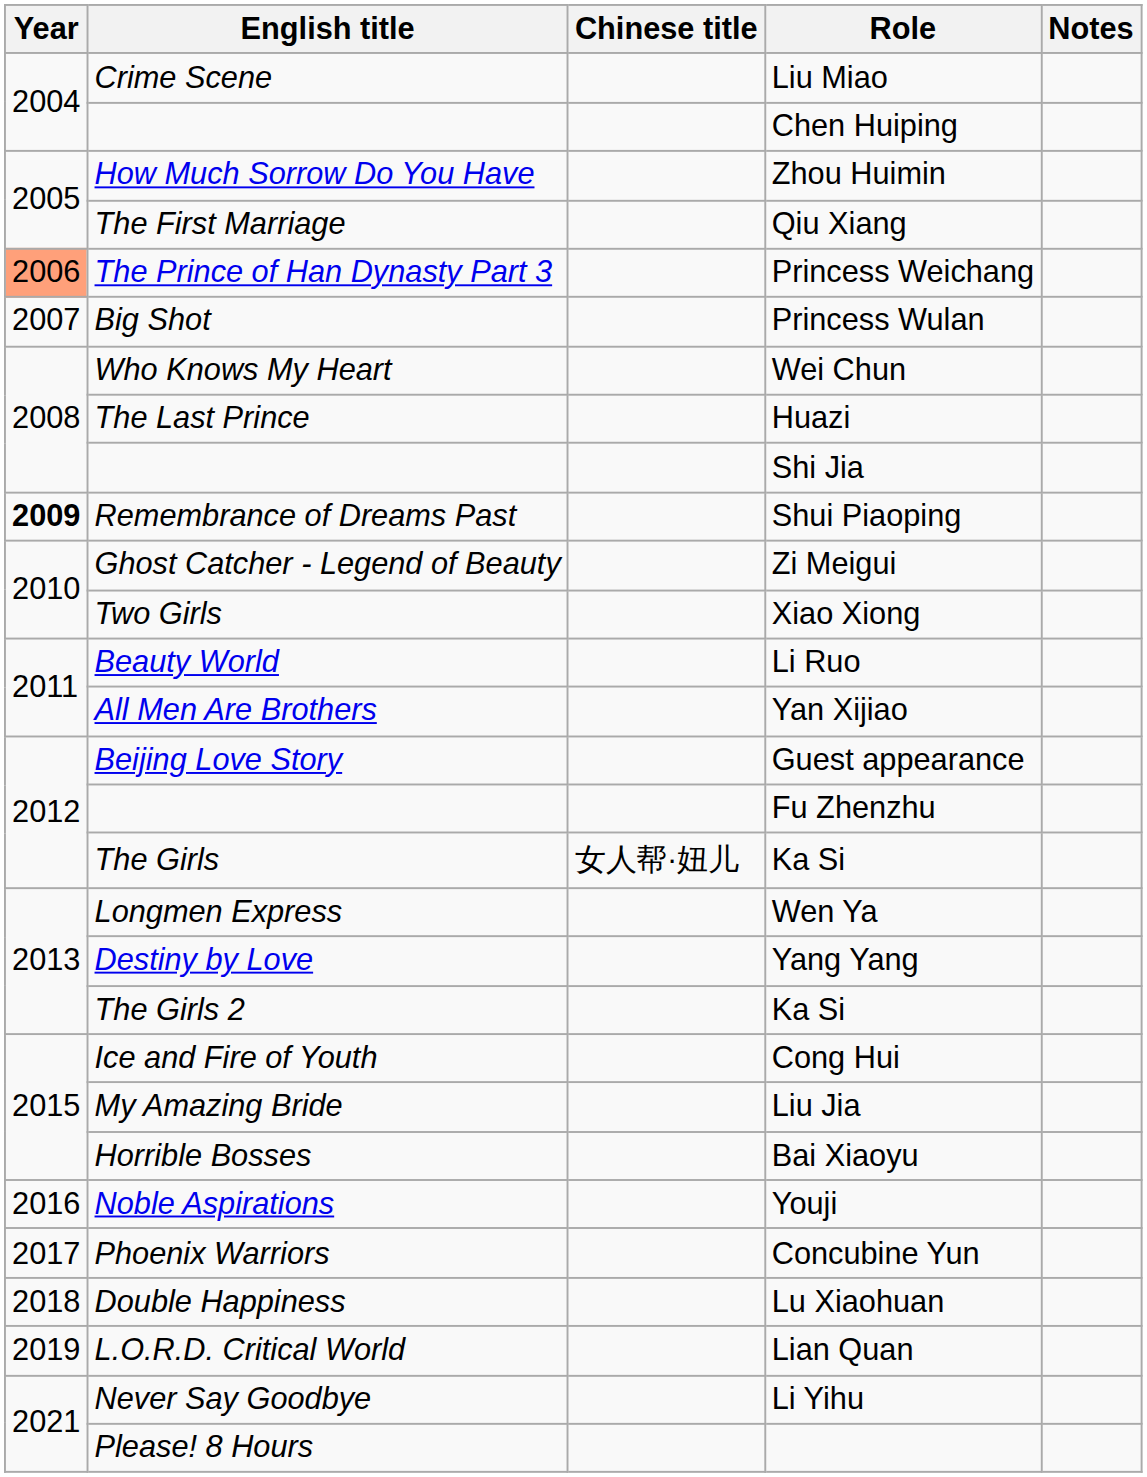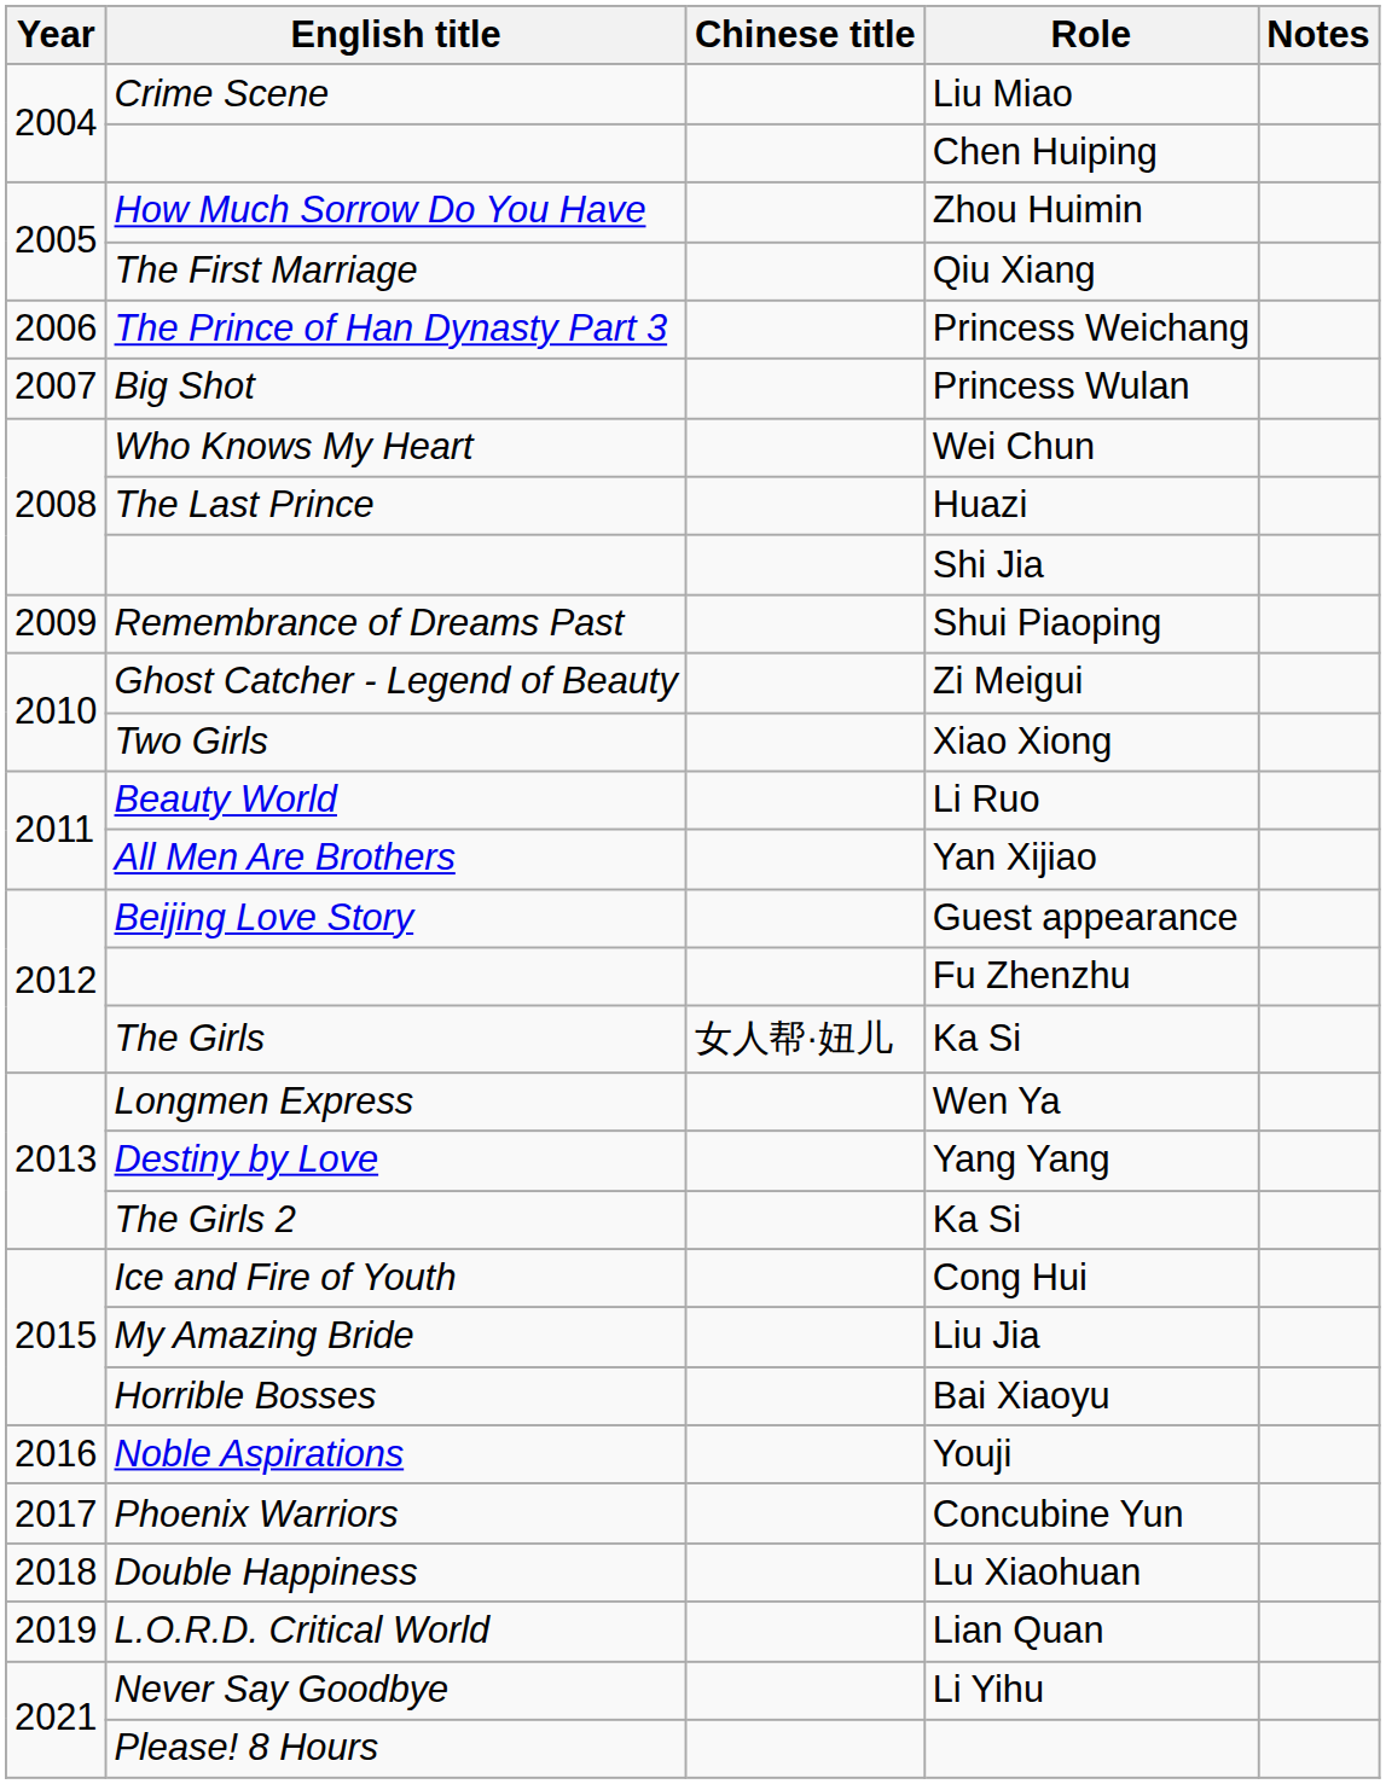 <table class="wikitable">
 <tr>
 <th>Year</th>
 <th>English title</th>
 <th>Chinese title</th>
 <th>Role</th>
 <th>Notes</th>
 </tr>
 <tr>
 <td rowspan="2">2004</td>
 <td><em>Crime Scene</em></td>
 <td></td>
 <td>Liu Miao</td>
 <td></td>
 </tr>
 <tr>
 <td></td>
 <td></td>
 <td>Chen Huiping</td>
 <td></td>
 </tr>
 <tr>
 <td rowspan="2">2005</td>
 <td><em><a href='#'>How Much Sorrow Do You Have</a></em></td>
 <td></td>
 <td>Zhou Huimin</td>
 <td></td>
 </tr>
 <tr>
 <td><em>The First Marriage</em></td>
 <td></td>
 <td>Qiu Xiang</td>
 <td></td>
 </tr>
 <tr>
-<td style="background: lightsalmon;">2006</td>
+<td>2006</td>
 <td><em><a href='#'>The Prince of Han Dynasty Part 3</a></em></td>
 <td></td>
 <td>Princess Weichang</td>
 <td></td>
 </tr>
 <tr>
 <td>2007</td>
 <td><em>Big Shot</em></td>
 <td></td>
 <td>Princess Wulan</td>
 <td></td>
 </tr>
 <tr>
 <td rowspan="3">2008</td>
 <td><em>Who Knows My Heart </em></td>
 <td></td>
 <td>Wei Chun</td>
 <td></td>
 </tr>
 <tr>
 <td><em>The Last Prince</em></td>
 <td></td>
 <td>Huazi</td>
 <td></td>
 </tr>
 <tr>
 <td></td>
 <td></td>
 <td>Shi Jia</td>
 <td></td>
 </tr>
 <tr>
-<td><strong>2009</strong></td>
+<td>2009</td>
 <td><em>Remembrance of Dreams Past</em></td>
 <td></td>
 <td>Shui Piaoping</td>
 <td></td>
 </tr>
 <tr>
 <td rowspan="2">2010</td>
 <td><em>Ghost Catcher - Legend of Beauty</em></td>
 <td></td>
 <td>Zi Meigui</td>
 <td></td>
 </tr>
 <tr>
 <td><em>Two Girls</em></td>
 <td></td>
 <td>Xiao Xiong</td>
 <td></td>
 </tr>
 <tr>
 <td rowspan="2">2011</td>
 <td><em><a href='#'>Beauty World</a></em></td>
 <td></td>
 <td>Li Ruo</td>
 <td></td>
 </tr>
 <tr>
 <td><em><a href='#'>All Men Are Brothers</a></em></td>
 <td></td>
 <td>Yan Xijiao</td>
 <td></td>
 </tr>
 <tr>
 <td rowspan="3">2012</td>
 <td><em><a href='#'>Beijing Love Story</a></em></td>
 <td></td>
 <td>Guest appearance</td>
 <td></td>
 </tr>
 <tr>
 <td></td>
 <td></td>
 <td>Fu Zhenzhu</td>
 <td></td>
 </tr>
 <tr>
 <td><em>The Girls</em></td>
 <td>女人帮·妞儿</td>
 <td>Ka Si</td>
 <td></td>
 </tr>
 <tr>
 <td rowspan="3">2013</td>
 <td><em>Longmen Express</em></td>
 <td></td>
 <td>Wen Ya</td>
 <td></td>
 </tr>
 <tr>
 <td><em><a href='#'>Destiny by Love</a></em></td>
 <td></td>
 <td>Yang Yang</td>
 <td></td>
 </tr>
 <tr>
 <td><em>The Girls 2</em></td>
 <td></td>
 <td>Ka Si</td>
 <td></td>
 </tr>
 <tr>
 <td rowspan="3">2015</td>
 <td><em>Ice and Fire of Youth</em></td>
 <td></td>
 <td>Cong Hui</td>
 <td></td>
 </tr>
 <tr>
 <td><em>My Amazing Bride</em></td>
 <td></td>
 <td>Liu Jia</td>
 <td></td>
 </tr>
 <tr>
 <td><em>Horrible Bosses</em></td>
 <td></td>
 <td>Bai Xiaoyu</td>
 <td></td>
 </tr>
 <tr>
 <td>2016</td>
 <td><em><a href='#'>Noble Aspirations</a></em></td>
 <td></td>
 <td>Youji</td>
 <td></td>
 </tr>
 <tr>
 <td>2017</td>
 <td><em>Phoenix Warriors</em></td>
 <td></td>
 <td>Concubine Yun</td>
 <td></td>
 </tr>
 <tr>
 <td>2018</td>
 <td><em>Double Happiness</em></td>
 <td></td>
 <td>Lu Xiaohuan</td>
 <td></td>
 </tr>
 <tr>
 <td rowspan="1">2019</td>
 <td><em>L.O.R.D. Critical World</em></td>
 <td></td>
 <td>Lian Quan</td>
 <td></td>
 </tr>
 <tr>
 <td rowspan="2">2021</td>
 <td><em>Never Say Goodbye</em></td>
 <td></td>
 <td>Li Yihu</td>
 <td></td>
 </tr>
 <tr>
 <td><em>Please! 8 Hours</em></td>
 <td></td>
 <td></td>
 <td></td>
 </tr>
 </table>
